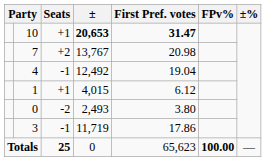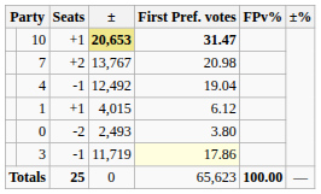 <table class=wikitable>
 <tr>
 <th colspan=2 align=center>Party</th>
 <th valign=top>Seats</th>
 <th valign=top>±</th>
 <th valign=top>First Pref. votes</th>
 <th valign=top>FPv%</th>
 <th valign=top>±%</th>
 </tr>
 <tr>
 <td></td>
 <td align=right>10</td>
 <td align=right>+1</td>
-<td align=right><strong>20,653</strong></td>
+<td align=right style="background: khaki;"><strong>20,653</strong></td>
 <td align=right><strong>31.47</strong></td>
 <td align=right></td>
 </tr>
 <tr>
 <td></td>
 <td align=right>7</td>
 <td align=right>+2</td>
 <td align=right>13,767</td>
 <td align=right>20.98</td>
 <td align=right></td>
 </tr>
 <tr>
 <td></td>
 <td align=right>4</td>
 <td align=right>-1</td>
 <td align=right>12,492</td>
 <td align=right>19.04</td>
 <td align=right></td>
 </tr>
 <tr>
 <td></td>
 <td align=right>1</td>
 <td align=right>+1</td>
 <td align=right>4,015</td>
 <td align=right>6.12</td>
 <td align=right></td>
 </tr>
 <tr>
 <td></td>
 <td align=right>0</td>
 <td align=right>-2</td>
 <td align=right>2,493</td>
 <td align=right>3.80</td>
 <td align=right></td>
 </tr>
 <tr>
 <td></td>
 <td align=right>3</td>
 <td align=right>-1</td>
 <td align=right>11,719</td>
-<td align=right>17.86</td>
+<td align=right style="background: lightyellow;">17.86</td>
 <td align=right></td>
 </tr>
 <tr>
 <td colspan=2 align=center><strong>Totals</strong></td>
 <td align=right><strong>25</strong></td>
 <td align=center>0</td>
 <td align=right>65,623</td>
 <td align=center><strong>100.00</strong></td>
 <td align=center>—</td>
 </tr>
 </table>
